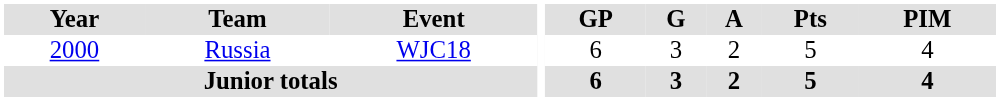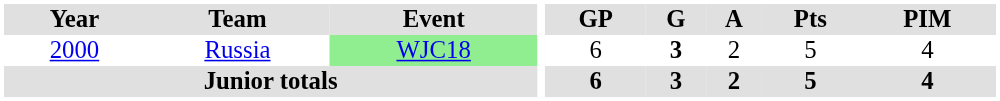 <table border="0" cellpadding="1" cellspacing="0" ID="Table3" style="text-align:center; width:40em">
 <tr ALIGN="center" bgcolor="#e0e0e0">
 <th>Year</th>
 <th>Team</th>
 <th>Event</th>
 <th rowspan="99" bgcolor="#ffffff"></th>
 <th>GP</th>
 <th>G</th>
 <th>A</th>
 <th>Pts</th>
 <th>PIM</th>
 </tr>
 <tr>
 <td><a href='#'>2000</a></td>
 <td><a href='#'>Russia</a></td>
-<td><a href='#'>WJC18</a></td>
+<td style="background: lightgreen;"><a href='#'>WJC18</a></td>
 <td>6</td>
-<td>3</td>
+<td><strong>3</strong></td>
 <td>2</td>
 <td>5</td>
 <td>4</td>
 </tr>
 <tr bgcolor="#e0e0e0">
 <th colspan="3">Junior totals</th>
 <th>6</th>
 <th>3</th>
 <th>2</th>
 <th>5</th>
 <th>4</th>
 </tr>
 </table>
